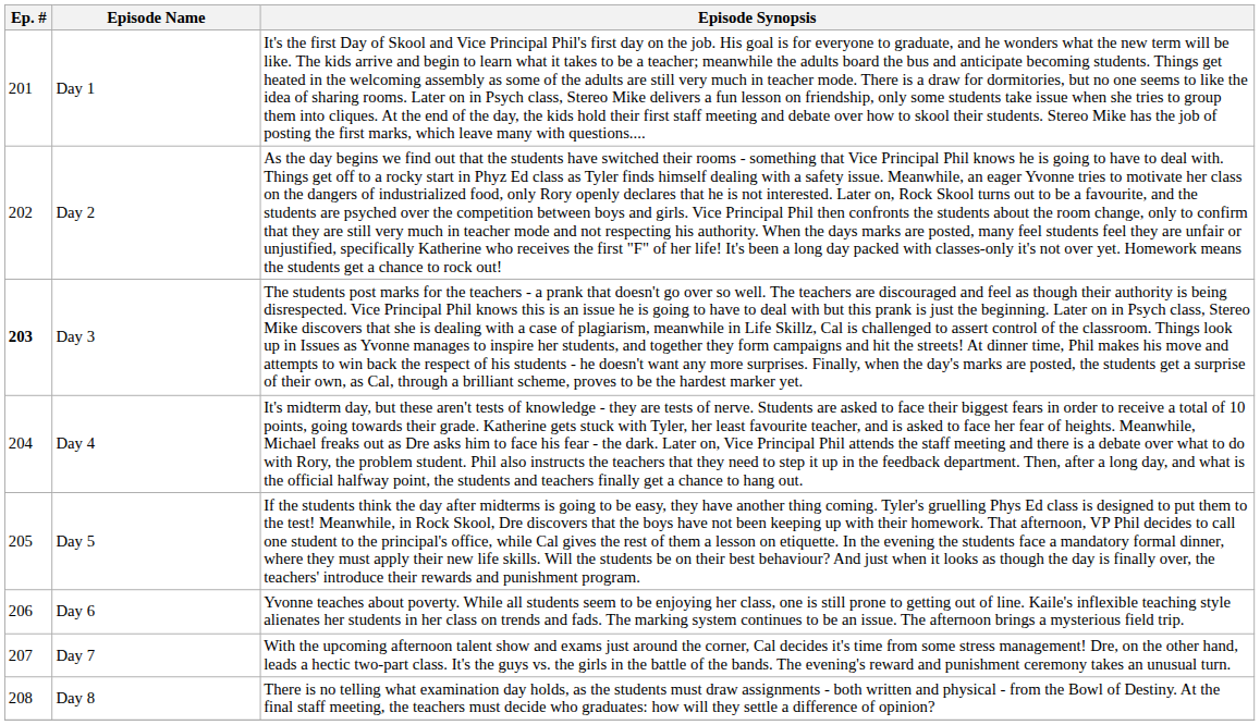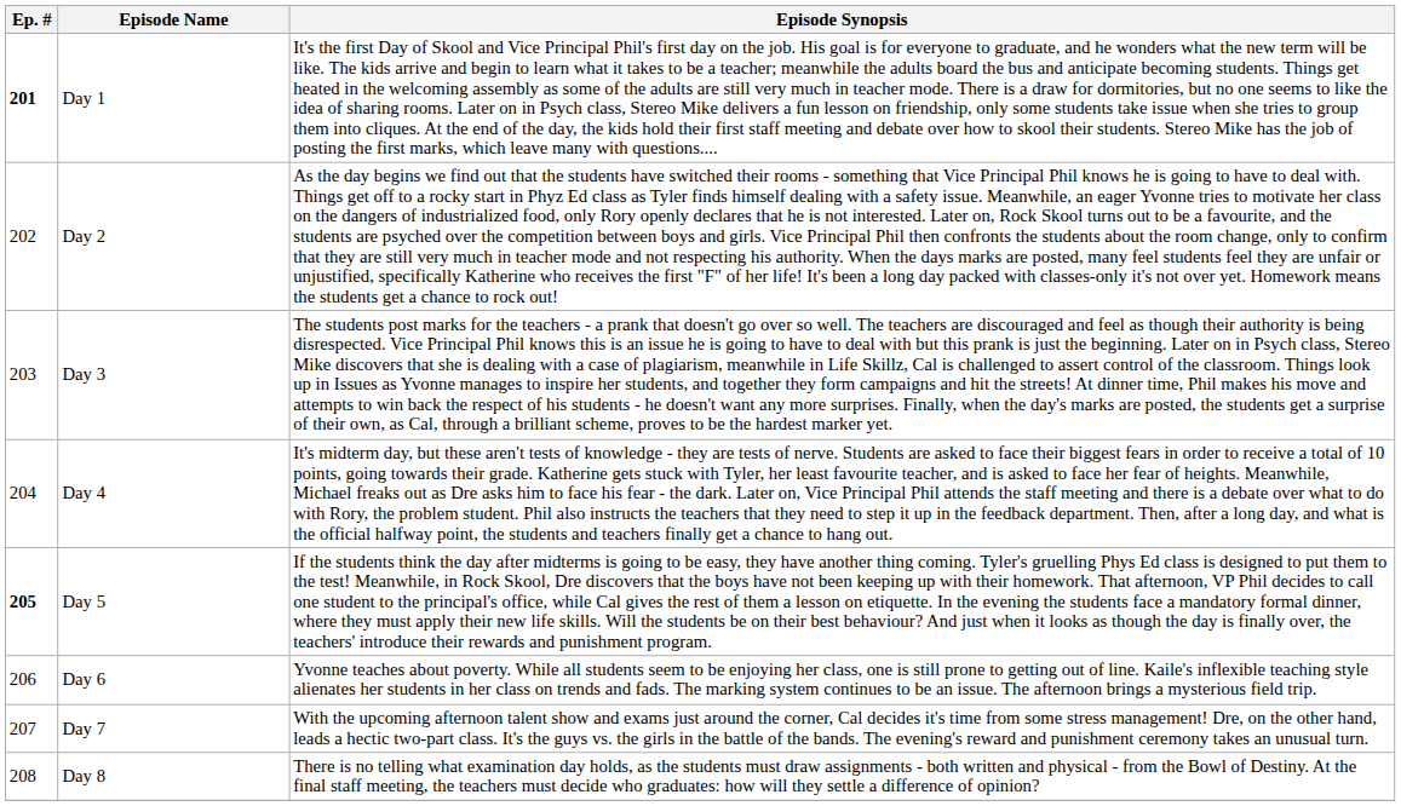 <table class="wikitable" style="background: #FFFFFF;">
 <tr>
 <th width=40>Ep. #</th>
 <th width=200>Episode Name</th>
 <th>Episode Synopsis</th>
 </tr>
 <tr>
-<td>201</td>
+<td><strong>201</strong></td>
 <td>Day 1</td>
 <td>It's the first Day of Skool and Vice Principal Phil's first day on the job. His goal is for everyone to graduate, and he wonders what the new term will be like. The kids arrive and begin to learn what it takes to be a teacher; meanwhile the adults board the bus and anticipate becoming students. Things get heated in the welcoming assembly as some of the adults are still very much in teacher mode. There is a draw for dormitories, but no one seems to like the idea of sharing rooms. Later on in Psych class, Stereo Mike delivers a fun lesson on friendship, only some students take issue when she tries to group them into cliques. At the end of the day, the kids hold their first staff meeting and debate over how to skool their students. Stereo Mike has the job of posting the first marks, which leave many with questions....</td>
 </tr>
 <tr>
 <td>202</td>
 <td>Day 2</td>
 <td>As the day begins we find out that the students have switched their rooms - something that Vice Principal Phil knows he is going to have to deal with. Things get off to a rocky start in Phyz Ed class as Tyler finds himself dealing with a safety issue. Meanwhile, an eager Yvonne tries to motivate her class on the dangers of industrialized food, only Rory openly declares that he is not interested. Later on, Rock Skool turns out to be a favourite, and the students are psyched over the competition between boys and girls. Vice Principal Phil then confronts the students about the room change, only to confirm that they are still very much in teacher mode and not respecting his authority. When the days marks are posted, many feel students feel they are unfair or unjustified, specifically Katherine who receives the first "F" of her life! It's been a long day packed with classes-only it's not over yet. Homework means the students get a chance to rock out!</td>
 </tr>
 <tr>
-<td><strong>203</strong></td>
+<td>203</td>
 <td>Day 3</td>
 <td>The students post marks for the teachers - a prank that doesn't go over so well. The teachers are discouraged and feel as though their authority is being disrespected. Vice Principal Phil knows this is an issue he is going to have to deal with but this prank is just the beginning. Later on in Psych class, Stereo Mike discovers that she is dealing with a case of plagiarism, meanwhile in Life Skillz, Cal is challenged to assert control of the classroom. Things look up in Issues as Yvonne manages to inspire her students, and together they form campaigns and hit the streets! At dinner time, Phil makes his move and attempts to win back the respect of his students - he doesn't want any more surprises. Finally, when the day's marks are posted, the students get a surprise of their own, as Cal, through a brilliant scheme, proves to be the hardest marker yet.</td>
 </tr>
 <tr>
 <td>204</td>
 <td>Day 4</td>
 <td>It's midterm day, but these aren't tests of knowledge - they are tests of nerve. Students are asked to face their biggest fears in order to receive a total of 10 points, going towards their grade. Katherine gets stuck with Tyler, her least favourite teacher, and is asked to face her fear of heights. Meanwhile, Michael freaks out as Dre asks him to face his fear - the dark. Later on, Vice Principal Phil attends the staff meeting and there is a debate over what to do with Rory, the problem student. Phil also instructs the teachers that they need to step it up in the feedback department. Then, after a long day, and what is the official halfway point, the students and teachers finally get a chance to hang out.</td>
 </tr>
 <tr>
-<td>205</td>
+<td><strong>205</strong></td>
 <td>Day 5</td>
 <td>If the students think the day after midterms is going to be easy, they have another thing coming. Tyler's gruelling Phys Ed class is designed to put them to the test! Meanwhile, in Rock Skool, Dre discovers that the boys have not been keeping up with their homework. That afternoon, VP Phil decides to call one student to the principal's office, while Cal gives the rest of them a lesson on etiquette. In the evening the students face a mandatory formal dinner, where they must apply their new life skills. Will the students be on their best behaviour? And just when it looks as though the day is finally over, the teachers' introduce their rewards and punishment program.</td>
 </tr>
 <tr>
 <td>206</td>
 <td>Day 6</td>
 <td>Yvonne teaches about poverty. While all students seem to be enjoying her class, one is still prone to getting out of line. Kaile's inflexible teaching style alienates her students in her class on trends and fads. The marking system continues to be an issue. The afternoon brings a mysterious field trip.</td>
 </tr>
 <tr>
 <td>207</td>
 <td>Day 7</td>
 <td>With the upcoming afternoon talent show and exams just around the corner, Cal decides it's time from some stress management! Dre, on the other hand, leads a hectic two-part class. It's the guys vs. the girls in the battle of the bands. The evening's reward and punishment ceremony takes an unusual turn.</td>
 </tr>
 <tr>
 <td>208</td>
 <td>Day 8</td>
 <td>There is no telling what examination day holds, as the students must draw assignments - both written and physical - from the Bowl of Destiny. At the final staff meeting, the teachers must decide who graduates: how will they settle a difference of opinion?</td>
 </tr>
 <tr>
 </tr>
 </table>
